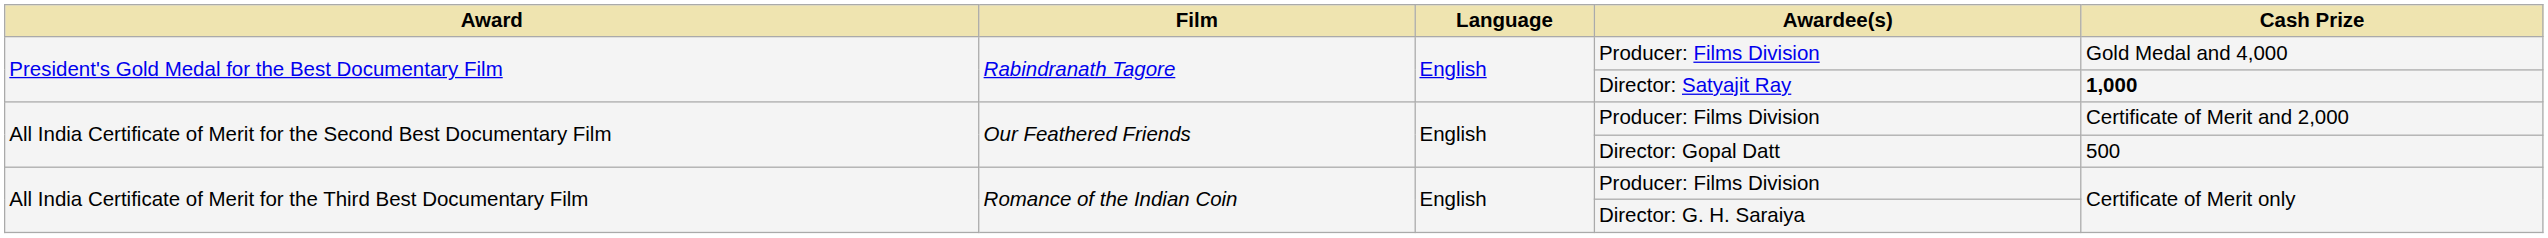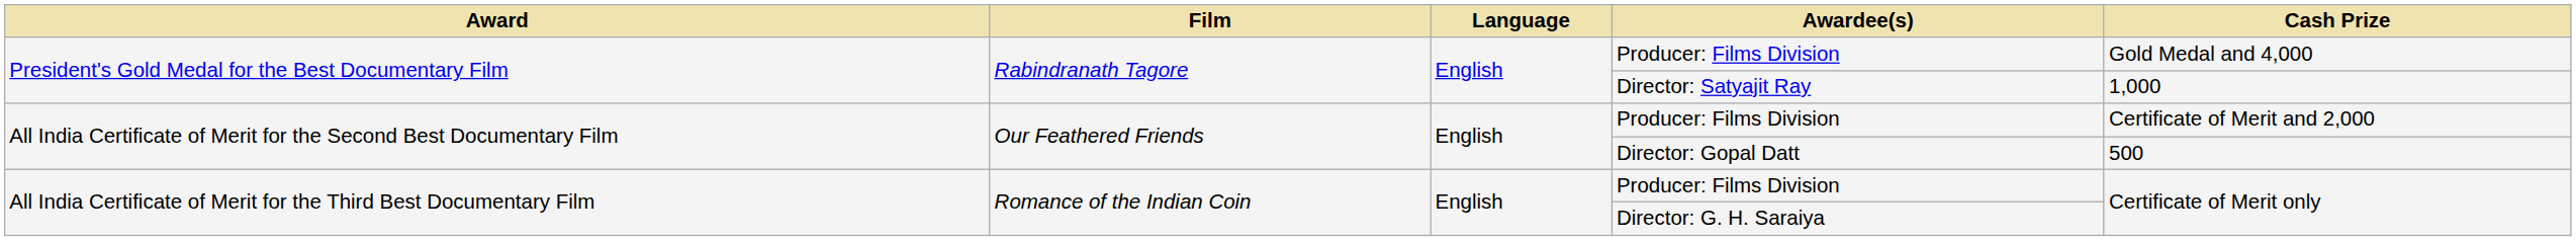 <table class="wikitable sortable" style="width:100%">
 <tr>
 <th style="background-color:#EFE4B0;width:38%;">Award</th>
 <th style="background-color:#EFE4B0;width:17%;">Film</th>
 <th style="background-color:#EFE4B0;width:7%;">Language</th>
 <th style="background-color:#EFE4B0;width:19%;">Awardee(s)</th>
 <th style="background-color:#EFE4B0;width:18%;">Cash Prize</th>
 </tr>
 <tr style="background-color:#F4F4F4">
 <td rowspan="2"><a href='#'>President's Gold Medal for the Best Documentary Film</a></td>
 <td rowspan="2"><em><a href='#'>Rabindranath Tagore</a><br></em></td>
 <td rowspan="2"><a href='#'>English</a></td>
 <td>Producer: <a href='#'>Films Division</a></td>
 <td>Gold Medal and 4,000</td>
 </tr>
 <tr style="background-color:#F4F4F4">
 <td>Director: <a href='#'>Satyajit Ray</a></td>
-<td><strong>1,000</strong></td>
+<td>1,000</td>
 </tr>
 <tr style="background-color:#F4F4F4">
 <td rowspan="2">All India Certificate of Merit for the Second Best Documentary Film</td>
 <td rowspan="2"><em>Our Feathered Friends</em></td>
 <td rowspan="2">English</td>
 <td>Producer: Films Division</td>
 <td>Certificate of Merit and 2,000</td>
 </tr>
 <tr style="background-color:#F4F4F4">
 <td>Director: Gopal Datt</td>
 <td>500</td>
 </tr>
 <tr style="background-color:#F4F4F4">
 <td rowspan="2">All India Certificate of Merit for the Third Best Documentary Film</td>
 <td rowspan="2"><em>Romance of the Indian Coin</em></td>
 <td rowspan="2">English</td>
 <td>Producer: Films Division</td>
 <td rowspan="2">Certificate of Merit only</td>
 </tr>
 <tr style="background-color:#F4F4F4">
 <td>Director: G. H. Saraiya</td>
 </tr>
 </table>
